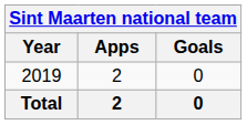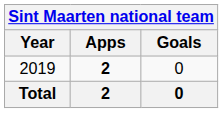 <table class="wikitable" style="text-align:center">
 <tr>
 <th colspan=3><a href='#'>Sint Maarten national team</a></th>
 </tr>
 <tr>
 <th>Year</th>
 <th>Apps</th>
 <th>Goals</th>
 </tr>
 <tr>
 <td>2019</td>
-<td>2</td>
+<td><strong>2</strong></td>
 <td>0</td>
 </tr>
 <tr>
 <th>Total</th>
 <th>2</th>
 <th>0</th>
 </tr>
 </table>
